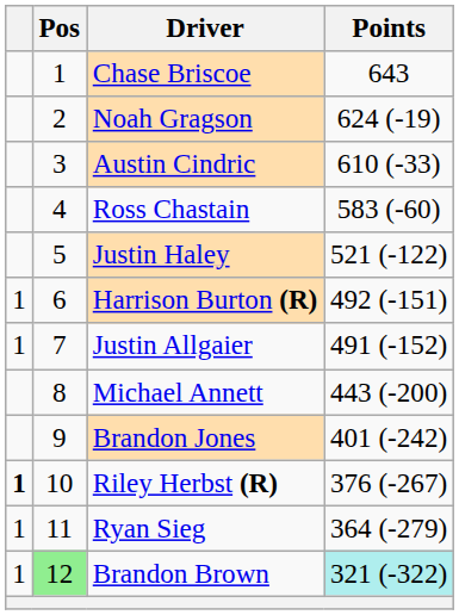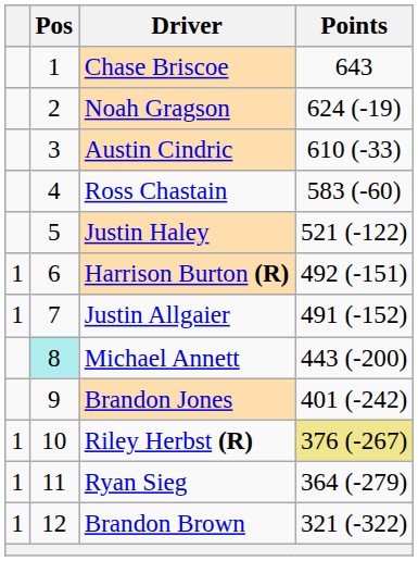 <table class="wikitable" style="font-size: 95%;">
 <tr>
 <th></th>
 <th>Pos</th>
 <th>Driver</th>
 <th>Points</th>
 </tr>
 <tr>
 <td align="left"></td>
 <td style="text-align:center;">1</td>
 <td style="background:#FFDEAD;"><a href='#'>Chase Briscoe</a></td>
 <td style="text-align:center;">643</td>
 </tr>
 <tr>
 <td align="left"></td>
 <td style="text-align:center;">2</td>
 <td style="background:#FFDEAD;"><a href='#'>Noah Gragson</a></td>
 <td style="text-align:center;">624 (-19)</td>
 </tr>
 <tr>
 <td align="left"></td>
 <td style="text-align:center;">3</td>
 <td style="background:#FFDEAD;"><a href='#'>Austin Cindric</a></td>
 <td style="text-align:center;">610 (-33)</td>
 </tr>
 <tr>
 <td align="left"></td>
 <td style="text-align:center;">4</td>
 <td><a href='#'>Ross Chastain</a></td>
 <td style="text-align:center;">583 (-60)</td>
 </tr>
 <tr>
 <td align="left"></td>
 <td style="text-align:center;">5</td>
 <td style="background:#FFDEAD;"><a href='#'>Justin Haley</a></td>
 <td style="text-align:center;">521 (-122)</td>
 </tr>
 <tr>
 <td align="left"> 1</td>
 <td style="text-align:center;">6</td>
 <td style="background:#FFDEAD;"><a href='#'>Harrison Burton</a> <strong>(R)</strong></td>
 <td style="text-align:center;">492 (-151)</td>
 </tr>
 <tr>
 <td align="left"> 1</td>
 <td style="text-align:center;">7</td>
 <td><a href='#'>Justin Allgaier</a></td>
 <td style="text-align:center;">491 (-152)</td>
 </tr>
 <tr>
 <td align="left"></td>
-<td style="text-align:center;">8</td>
+<td style="background: paleturquoise; text-align:center;">8</td>
 <td><a href='#'>Michael Annett</a></td>
 <td style="text-align:center;">443 (-200)</td>
 </tr>
 <tr>
 <td align="left"></td>
 <td style="text-align:center;">9</td>
 <td style="background:#FFDEAD;"><a href='#'>Brandon Jones</a></td>
 <td style="text-align:center;">401 (-242)</td>
 </tr>
 <tr>
-<td align="left"><strong> 1</strong></td>
+<td align="left"> 1</td>
 <td style="text-align:center;">10</td>
 <td><a href='#'>Riley Herbst</a> <strong>(R)</strong></td>
-<td style="text-align:center;">376 (-267)</td>
+<td style="background: khaki; text-align:center;">376 (-267)</td>
 </tr>
 <tr>
 <td align="left"> 1</td>
 <td style="text-align:center;">11</td>
 <td><a href='#'>Ryan Sieg</a></td>
 <td style="text-align:center;">364 (-279)</td>
 </tr>
 <tr>
 <td align="left"> 1</td>
-<td style="background: lightgreen; text-align:center;">12</td>
+<td style="text-align:center;">12</td>
 <td><a href='#'>Brandon Brown</a></td>
-<td style="background: paleturquoise; text-align:center;">321 (-322)</td>
+<td style="text-align:center;">321 (-322)</td>
 </tr>
 <tr class="sortbottom">
 <th colspan="4"></th>
 </tr>
 </table>
